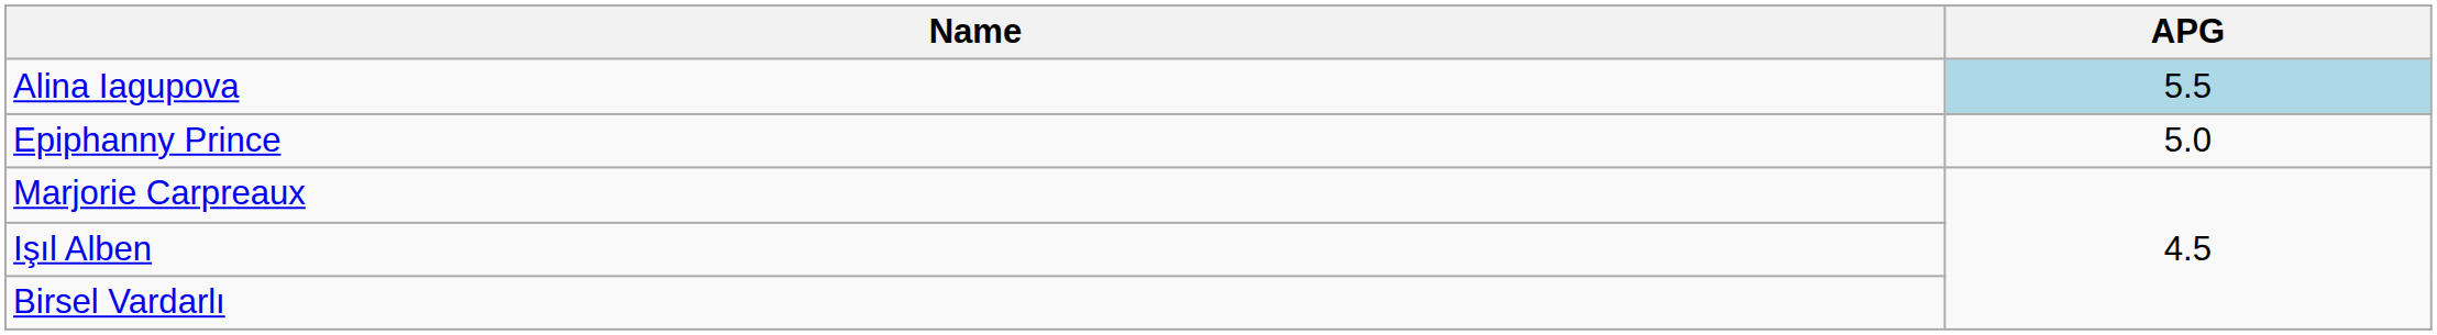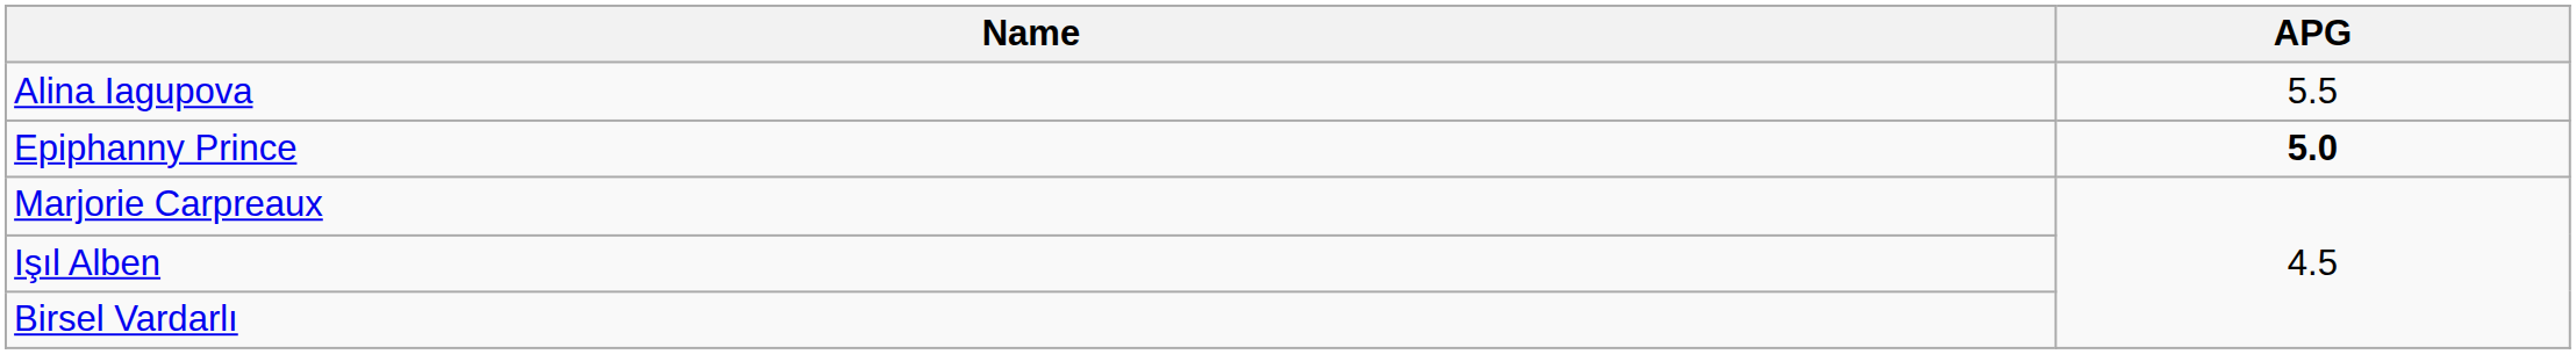 <table class=wikitable width="90%">
 <tr>
 <th width="80%">Name</th>
 <th width="20%">APG</th>
 </tr>
 <tr>
 <td> <a href='#'>Alina Iagupova</a></td>
-<td align=center style="background: lightblue;">5.5</td>
+<td align=center>5.5</td>
 </tr>
 <tr>
 <td> <a href='#'>Epiphanny Prince</a></td>
-<td align=center>5.0</td>
+<td align=center><strong>5.0</strong></td>
 </tr>
 <tr>
 <td> <a href='#'>Marjorie Carpreaux</a></td>
 <td align=center rowspan=3>4.5</td>
 </tr>
 <tr>
 <td> <a href='#'>Işıl Alben</a></td>
 </tr>
 <tr>
 <td> <a href='#'>Birsel Vardarlı</a></td>
 </tr>
 </table>
